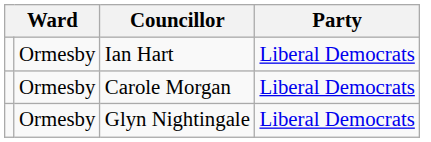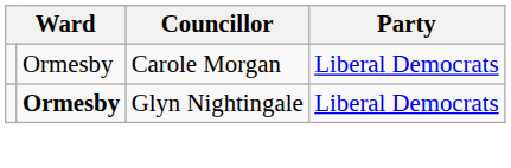 <table class="wikitable">
 <tr>
 <th colspan="2">Ward</th>
 <th>Councillor</th>
 <th>Party</th>
 </tr>
 <tr>
 <td style="background-color: "></td>
 <td>Ormesby</td>
-<td>Ian Hart</td>
-<td><a href='#'>Liberal Democrats</a></td>
-</tr>
-<tr>
-<td style="background-color: "></td>
-<td>Ormesby</td>
 <td>Carole Morgan</td>
 <td><a href='#'>Liberal Democrats</a></td>
 </tr>
 <tr>
 <td style="background-color: "></td>
-<td>Ormesby</td>
+<td><strong>Ormesby</strong></td>
 <td>Glyn Nightingale</td>
 <td><a href='#'>Liberal Democrats</a></td>
 </tr>
 </table>
